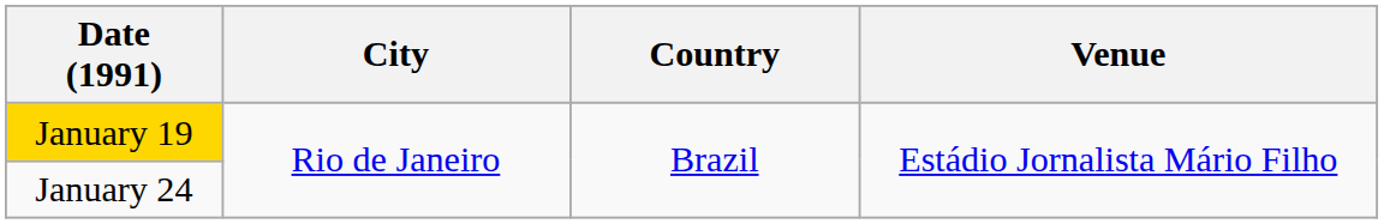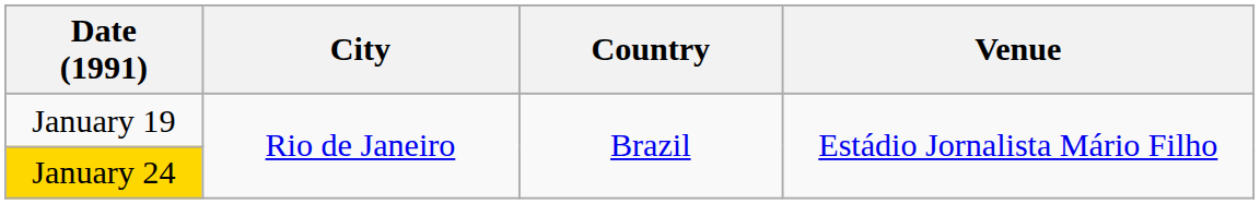 <table class="wikitable sortable plainrowheaders" style="text-align:center;">
 <tr>
 <th scope="col" style="width:7em;">Date<br>(1991)</th>
 <th scope="col" style="width:13em;">City</th>
 <th scope="col" style="width:10em;">Country</th>
 <th scope="col" style="width:20em;">Venue</th>
 </tr>
 <tr>
-<td style="background: gold;">January 19</td>
+<td>January 19</td>
 <td rowspan="2"><a href='#'>Rio de Janeiro</a></td>
 <td rowspan="2"><a href='#'>Brazil</a></td>
 <td rowspan="2"><a href='#'>Estádio Jornalista Mário Filho</a></td>
 </tr>
 <tr>
-<td>January 24</td>
+<td style="background: gold;">January 24</td>
 </tr>
 </table>
